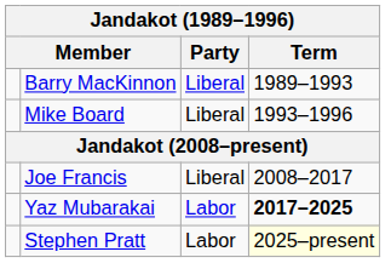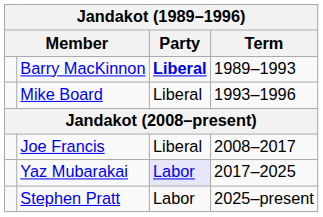 <table class="wikitable">
 <tr>
 <th colspan="4">Jandakot (1989–1996)</th>
 </tr>
 <tr>
 <th colspan="2">Member</th>
 <th>Party</th>
 <th>Term</th>
 </tr>
 <tr>
 <td> </td>
 <td><a href='#'>Barry MacKinnon</a></td>
-<td><a href='#'>Liberal</a></td>
+<td><strong><a href='#'>Liberal</a></strong></td>
 <td>1989–1993</td>
 </tr>
 <tr>
 <td> </td>
 <td><a href='#'>Mike Board</a></td>
 <td>Liberal</td>
 <td>1993–1996</td>
 </tr>
 <tr>
 <th colspan="6">Jandakot (2008–present)</th>
 </tr>
 <tr>
 <td> </td>
 <td><a href='#'>Joe Francis</a></td>
 <td>Liberal</td>
 <td>2008–2017</td>
 </tr>
 <tr>
 <td> </td>
 <td><a href='#'>Yaz Mubarakai</a></td>
-<td><a href='#'>Labor</a></td>
-<td><strong>2017–2025</strong></td>
+<td style="background: lavender;"><a href='#'>Labor</a></td>
+<td>2017–2025</td>
 </tr>
 <tr>
 <td> </td>
 <td><a href='#'>Stephen Pratt</a></td>
 <td>Labor</td>
-<td style="background: lightyellow;">2025–present</td>
+<td>2025–present</td>
 </tr>
 </table>
